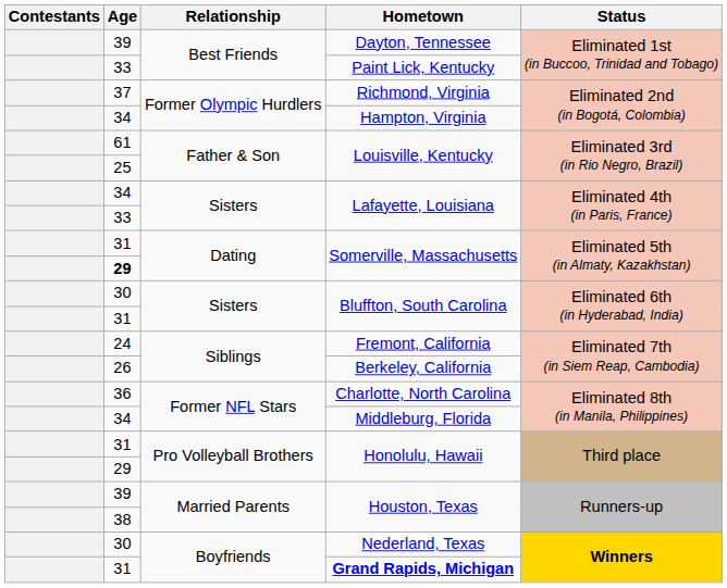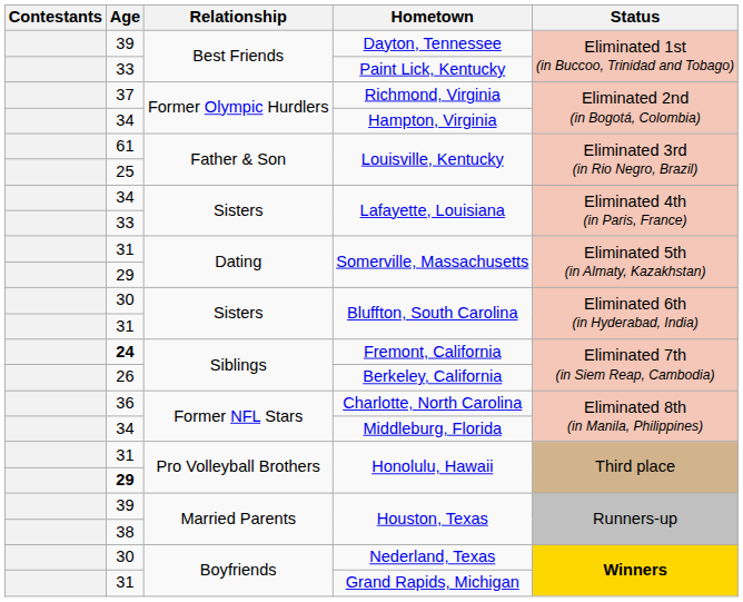 <table class="wikitable sortable" style="text-align:center;">
 <tr>
 <th scope="col">Contestants</th>
 <th scope="col">Age</th>
 <th class="unsortable" scope="col">Relationship</th>
 <th scope="col" class="unsortable">Hometown</th>
 <th scope="col">Status</th>
 </tr>
 <tr>
 <th scope="row"></th>
 <td>39</td>
 <td rowspan="2">Best Friends</td>
 <td><a href='#'>Dayton, Tennessee</a></td>
 <td rowspan="2" bgcolor="f4c7b8">Eliminated 1st<br><small><em>(in Buccoo, Trinidad and Tobago)</em></small></td>
 </tr>
 <tr>
 <th scope="row"></th>
 <td>33</td>
 <td><a href='#'>Paint Lick, Kentucky</a></td>
 </tr>
 <tr>
 <th scope="row"></th>
 <td>37</td>
 <td rowspan="2">Former <a href='#'>Olympic</a> Hurdlers</td>
 <td><a href='#'>Richmond, Virginia</a></td>
 <td rowspan="2" bgcolor="f4c7b8">Eliminated 2nd<br><small><em>(in Bogotá, Colombia)</em></small></td>
 </tr>
 <tr>
 <th scope="row"></th>
 <td>34</td>
 <td><a href='#'>Hampton, Virginia</a></td>
 </tr>
 <tr>
 <th scope="row"></th>
 <td>61</td>
 <td rowspan="2">Father & Son</td>
 <td rowspan="2"><a href='#'>Louisville, Kentucky</a></td>
 <td rowspan="2" bgcolor="f4c7b8">Eliminated 3rd<br><small><em>(in Rio Negro, Brazil)</em></small></td>
 </tr>
 <tr>
 <th scope="row"></th>
 <td>25</td>
 </tr>
 <tr>
 <th scope="row"></th>
 <td>34</td>
 <td rowspan="2">Sisters</td>
 <td rowspan="2"><a href='#'>Lafayette, Louisiana</a></td>
 <td rowspan="2" bgcolor="f4c7b8">Eliminated 4th<br><small><em>(in Paris, France)</em></small></td>
 </tr>
 <tr>
 <th scope="row"></th>
 <td>33</td>
 </tr>
 <tr>
 <th scope="row"></th>
 <td>31</td>
 <td rowspan="2">Dating</td>
 <td rowspan="2"><a href='#'>Somerville, Massachusetts</a></td>
 <td rowspan="2" bgcolor="f4c7b8">Eliminated 5th<br><small><em>(in Almaty, Kazakhstan)</em></small></td>
 </tr>
 <tr>
 <th scope="row"></th>
-<td><strong>29</strong></td>
+<td>29</td>
 </tr>
 <tr>
 <th scope="row"></th>
 <td>30</td>
 <td rowspan="2">Sisters</td>
 <td rowspan="2"><a href='#'>Bluffton, South Carolina</a></td>
 <td rowspan="2" bgcolor="f4c7b8">Eliminated 6th<br><small><em>(in Hyderabad, India)</em></small></td>
 </tr>
 <tr>
 <th scope="row"></th>
 <td>31</td>
 </tr>
 <tr>
 <th scope="row"></th>
-<td>24</td>
+<td><strong>24</strong></td>
 <td rowspan="2">Siblings</td>
 <td><a href='#'>Fremont, California</a></td>
 <td rowspan="2" bgcolor="f4c7b8">Eliminated 7th<br><small><em>(in Siem Reap, Cambodia)</em></small></td>
 </tr>
 <tr>
 <th scope="row"></th>
 <td>26</td>
 <td><a href='#'>Berkeley, California</a></td>
 </tr>
 <tr>
 <th scope="row"></th>
 <td>36</td>
 <td rowspan="2">Former <a href='#'>NFL</a> Stars</td>
 <td><a href='#'>Charlotte, North Carolina</a></td>
 <td rowspan="2" bgcolor="f4c7b8">Eliminated 8th<br><small><em>(in Manila, Philippines)</em></small></td>
 </tr>
 <tr>
 <th scope="row"></th>
 <td>34</td>
 <td><a href='#'>Middleburg, Florida</a></td>
 </tr>
 <tr>
 <th scope="row"></th>
 <td>31</td>
 <td rowspan="2">Pro Volleyball Brothers</td>
 <td rowspan="2"><a href='#'>Honolulu, Hawaii</a></td>
 <td rowspan="2" bgcolor="tan">Third place</td>
 </tr>
 <tr>
 <th scope="row"></th>
-<td>29</td>
+<td><strong>29</strong></td>
 </tr>
 <tr>
 <th scope="row"></th>
 <td>39</td>
 <td rowspan="2">Married Parents</td>
 <td rowspan="2"><a href='#'>Houston, Texas</a></td>
 <td rowspan="2" bgcolor="silver">Runners-up</td>
 </tr>
 <tr>
 <th scope="row"></th>
 <td>38</td>
 </tr>
 <tr>
 <th scope="row"></th>
 <td>30</td>
 <td rowspan="2">Boyfriends</td>
 <td><a href='#'>Nederland, Texas</a></td>
 <td rowspan="2" bgcolor="gold"><strong>Winners</strong></td>
 </tr>
 <tr>
 <th scope="row"></th>
 <td>31</td>
-<td><strong><a href='#'>Grand Rapids, Michigan</a></strong></td>
+<td><a href='#'>Grand Rapids, Michigan</a></td>
 </tr>
 </table>
